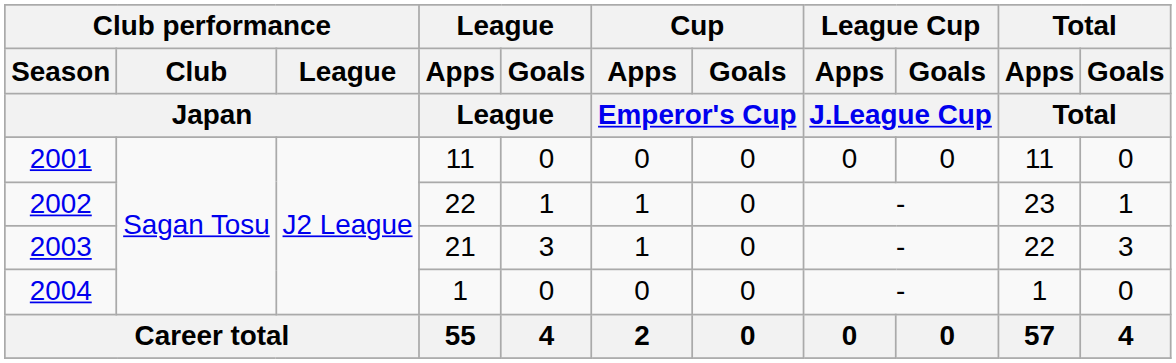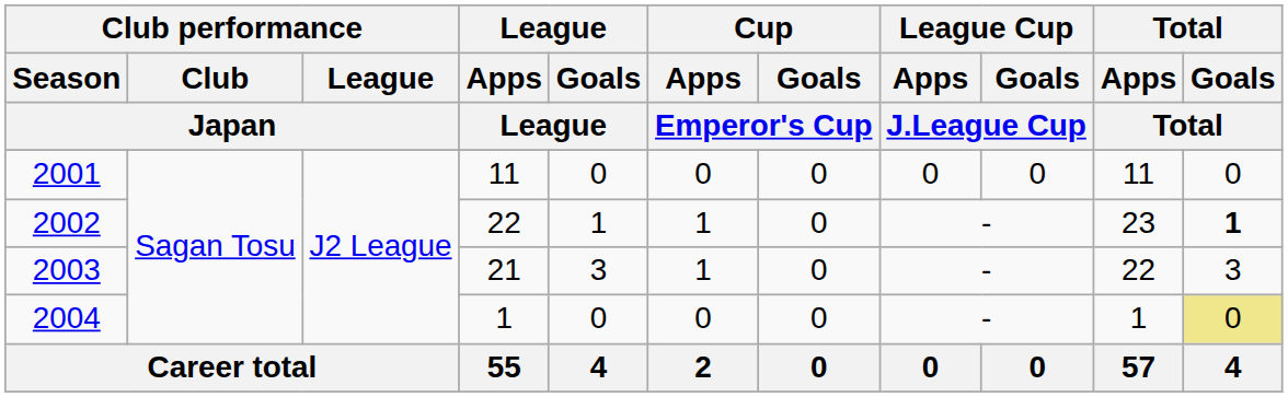 <table class="wikitable" style="text-align:center">
 <tr>
 <th colspan=3>Club performance</th>
 <th colspan=2>League</th>
 <th colspan=2>Cup</th>
 <th colspan=2>League Cup</th>
 <th colspan=2>Total</th>
 </tr>
 <tr>
 <th>Season</th>
 <th>Club</th>
 <th>League</th>
 <th>Apps</th>
 <th>Goals</th>
 <th>Apps</th>
 <th>Goals</th>
 <th>Apps</th>
 <th>Goals</th>
 <th>Apps</th>
 <th>Goals</th>
 </tr>
 <tr>
 <th colspan=3>Japan</th>
 <th colspan=2>League</th>
 <th colspan=2><a href='#'>Emperor's Cup</a></th>
 <th colspan=2><a href='#'>J.League Cup</a></th>
 <th colspan=2>Total</th>
 </tr>
 <tr>
 <td><a href='#'>2001</a></td>
 <td rowspan="4"><a href='#'>Sagan Tosu</a></td>
 <td rowspan="4"><a href='#'>J2 League</a></td>
 <td>11</td>
 <td>0</td>
 <td>0</td>
 <td>0</td>
 <td>0</td>
 <td>0</td>
 <td>11</td>
 <td>0</td>
 </tr>
 <tr>
 <td><a href='#'>2002</a></td>
 <td>22</td>
 <td>1</td>
 <td>1</td>
 <td>0</td>
 <td colspan="2">-</td>
 <td>23</td>
-<td>1</td>
+<td><strong>1</strong></td>
 </tr>
 <tr>
 <td><a href='#'>2003</a></td>
 <td>21</td>
 <td>3</td>
 <td>1</td>
 <td>0</td>
 <td colspan="2">-</td>
 <td>22</td>
 <td>3</td>
 </tr>
 <tr>
 <td><a href='#'>2004</a></td>
 <td>1</td>
 <td>0</td>
 <td>0</td>
 <td>0</td>
 <td colspan="2">-</td>
 <td>1</td>
-<td>0</td>
+<td style="background: khaki;">0</td>
 </tr>
 <tr>
 <th colspan=3>Career total</th>
 <th>55</th>
 <th>4</th>
 <th>2</th>
 <th>0</th>
 <th>0</th>
 <th>0</th>
 <th>57</th>
 <th>4</th>
 </tr>
 </table>
